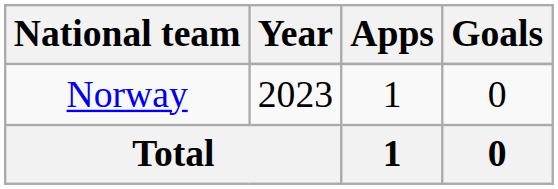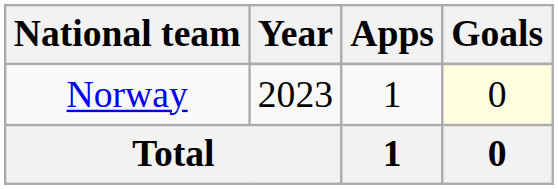 <table class="wikitable" style="text-align: center;">
 <tr>
 <th>National team</th>
 <th>Year</th>
 <th>Apps</th>
 <th>Goals</th>
 </tr>
 <tr>
 <td rowspan="2"><a href='#'>Norway</a></td>
 </tr>
 <tr>
 <td>2023</td>
 <td>1</td>
-<td>0</td>
+<td style="background: lightyellow;">0</td>
 </tr>
 <tr>
 <th colspan="2">Total</th>
 <th>1</th>
 <th>0</th>
 </tr>
 </table>
